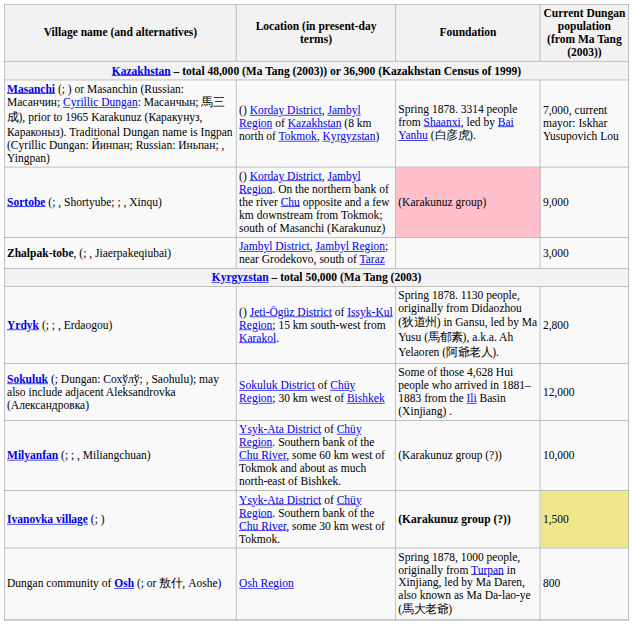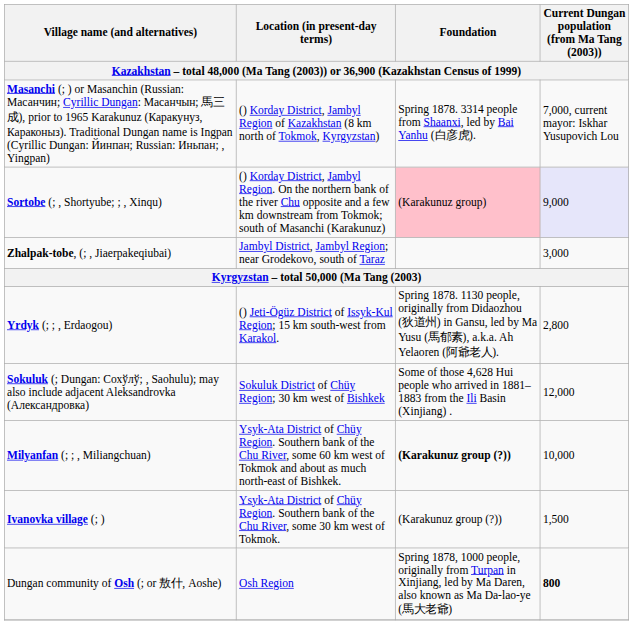 <table class="wikitable">
 <tr>
 <th>Village name (and alternatives)</th>
 <th>Location (in present-day terms)</th>
 <th>Foundation</th>
 <th>Current Dungan population (from Ma Tang (2003))</th>
 </tr>
 <tr>
 <th colspan="4"><a href='#'>Kazakhstan</a> – total 48,000 (Ma Tang (2003)) or 36,900 (Kazakhstan Census of 1999)</th>
 </tr>
 <tr>
 <td><strong><a href='#'>Masanchi</a></strong> (; ) or Masanchin (Russian: Масанчин; <a href='#'>Cyrillic Dungan</a>: Масанчын; 馬三成), prior to 1965 Karakunuz (Каракунуз, Караконыз). Traditional Dungan name is Ingpan (Cyrillic Dungan: Йинпан; Russian: Иньпан; , Yingpan)</td>
 <td>() <a href='#'>Korday District</a>, <a href='#'>Jambyl Region</a> of <a href='#'>Kazakhstan</a> (8 km north of <a href='#'>Tokmok</a>, <a href='#'>Kyrgyzstan</a>)</td>
 <td>Spring 1878. 3314 people from <a href='#'>Shaanxi</a>, led by <a href='#'>Bai Yanhu</a> (白彦虎).</td>
 <td>7,000, current mayor: Iskhar Yusupovich Lou</td>
 </tr>
 <tr>
 <td><strong><a href='#'>Sortobe</a></strong> (; , Shortyube; ; , Xinqu)</td>
 <td>() <a href='#'>Korday District</a>, <a href='#'>Jambyl Region</a>. On the northern bank of the river <a href='#'>Chu</a> opposite and a few km downstream from Tokmok; south of Masanchi (Karakunuz)</td>
 <td style="background: pink;">(Karakunuz group)</td>
-<td>9,000</td>
+<td style="background: lavender;">9,000</td>
 </tr>
 <tr>
 <td><strong>Zhalpak-tobe</strong>, (; , Jiaerpakeqiubai)</td>
 <td><a href='#'>Jambyl District</a>, <a href='#'>Jambyl Region</a>; near Grodekovo, south of <a href='#'>Taraz</a></td>
 <td></td>
 <td>3,000</td>
 </tr>
 <tr>
 <th colspan="4"><a href='#'>Kyrgyzstan</a> – total 50,000 (Ma Tang (2003)</th>
 </tr>
 <tr>
 <td><strong><a href='#'>Yrdyk</a></strong> (; ; , Erdaogou)</td>
 <td>() <a href='#'>Jeti-Ögüz District</a> of <a href='#'>Issyk-Kul Region</a>; 15 km south-west from <a href='#'>Karakol</a>. </td>
 <td>Spring 1878. 1130 people, originally from Didaozhou (狄道州) in Gansu, led by Ma Yusu (馬郁素), a.k.a. Ah Yelaoren (阿爺老人).</td>
 <td>2,800</td>
 </tr>
 <tr>
 <td><strong><a href='#'>Sokuluk</a></strong> (; Dungan: Сохўлў; , Saohulu); may also include adjacent Aleksandrovka (Александровка)</td>
 <td><a href='#'>Sokuluk District</a> of <a href='#'>Chüy Region</a>; 30 km west of <a href='#'>Bishkek</a></td>
 <td>Some of those 4,628 Hui people who arrived in 1881–1883 from the <a href='#'>Ili</a> Basin (Xinjiang) .</td>
 <td>12,000</td>
 </tr>
 <tr>
 <td><strong><a href='#'>Milyanfan</a></strong> (; ; , Miliangchuan)</td>
 <td><a href='#'>Ysyk-Ata District</a> of <a href='#'>Chüy Region</a>. Southern bank of the <a href='#'>Chu River</a>, some 60 km west of Tokmok and about as much north-east of Bishkek.</td>
-<td>(Karakunuz group (?))</td>
+<td><strong>(Karakunuz group (?))</strong></td>
 <td>10,000</td>
 </tr>
 <tr>
 <td><strong><a href='#'>Ivanovka village</a></strong> (; )</td>
 <td><a href='#'>Ysyk-Ata District</a> of <a href='#'>Chüy Region</a>. Southern bank of the <a href='#'>Chu River</a>, some 30 km west of Tokmok.</td>
-<td><strong>(Karakunuz group (?))</strong></td>
-<td style="background: khaki;">1,500</td>
+<td>(Karakunuz group (?))</td>
+<td>1,500</td>
 </tr>
 <tr ->
 <td>Dungan community of <strong><a href='#'>Osh</a></strong> (;  or 敖什, Aoshe)</td>
 <td><a href='#'>Osh Region</a></td>
 <td>Spring 1878, 1000 people, originally from <a href='#'>Turpan</a> in Xinjiang, led by Ma Daren, also known as Ma Da-lao-ye (馬大老爺)</td>
-<td>800</td>
+<td><strong>800</strong></td>
 </tr>
 <tr>
 </tr>
 </table>
